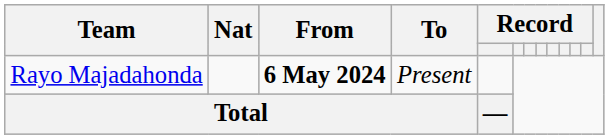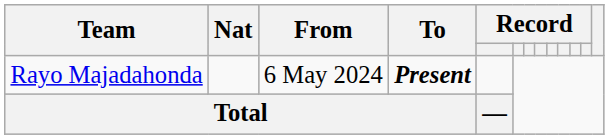 <table class="wikitable" style="text-align: center">
 <tr>
 <th rowspan="2">Team</th>
 <th rowspan="2">Nat</th>
 <th rowspan="2">From</th>
 <th rowspan="2">To</th>
 <th colspan="8">Record</th>
 <th rowspan=2></th>
 </tr>
 <tr>
 <th></th>
 <th></th>
 <th></th>
 <th></th>
 <th></th>
 <th></th>
 <th></th>
 <th></th>
 </tr>
 <tr>
 <td align="left"><a href='#'>Rayo Majadahonda</a></td>
 <td></td>
-<td align=left><strong>6 May 2024</strong></td>
-<td align=left><em>Present</em><br></td>
+<td align=left>6 May 2024</td>
+<td align=left><strong><em>Present</em><br></strong></td>
 <td></td>
 </tr>
 <tr>
 <th colspan=4>Total<br></th>
 <th>—</th>
 </tr>
 </table>
